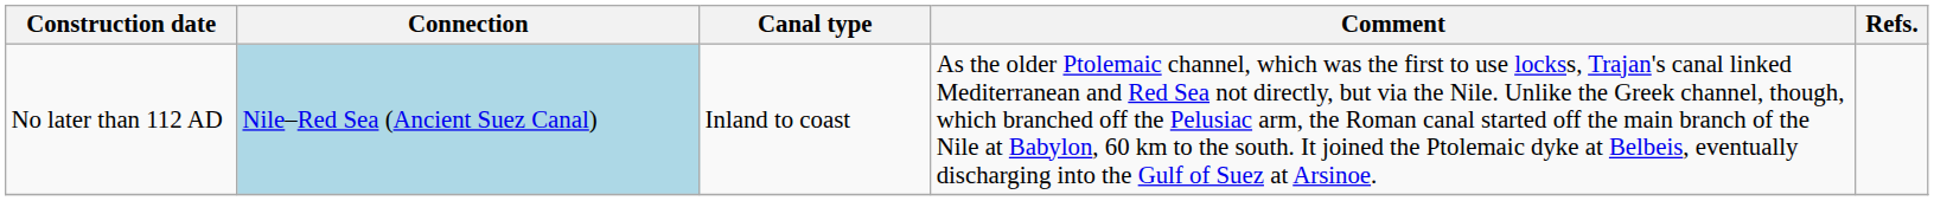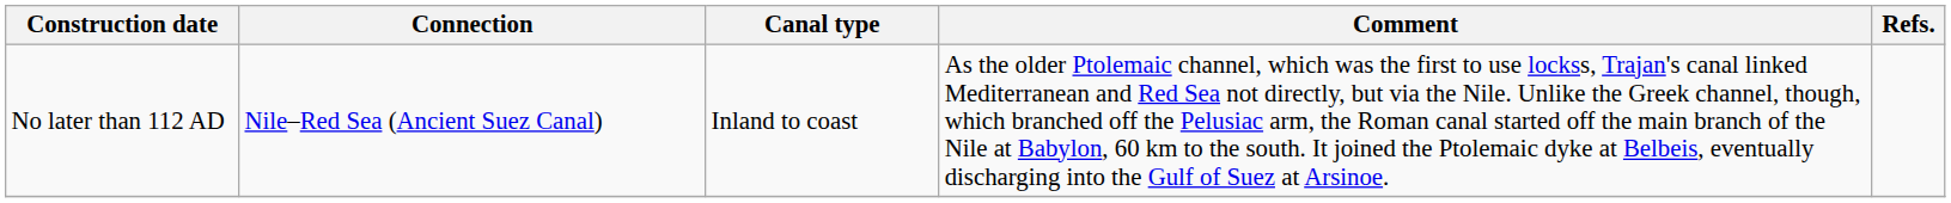 <table class="wikitable">
 <tr>
 <th width="10%">Construction date</th>
 <th width="20%">Connection</th>
 <th width="10%">Canal type</th>
 <th width="40%">Comment</th>
 <th width="2%">Refs.</th>
 </tr>
 <tr>
 <td>No later than 112 AD</td>
-<td style="background: lightblue;"><a href='#'>Nile</a>–<a href='#'>Red Sea</a> (<a href='#'>Ancient Suez Canal</a>)</td>
+<td><a href='#'>Nile</a>–<a href='#'>Red Sea</a> (<a href='#'>Ancient Suez Canal</a>)</td>
 <td>Inland to coast</td>
 <td>As the older <a href='#'>Ptolemaic</a> channel, which was the first to use <a href='#'>locks</a>s, <a href='#'>Trajan</a>'s canal linked Mediterranean and <a href='#'>Red Sea</a> not directly, but via the Nile. Unlike the Greek channel, though, which branched off the <a href='#'>Pelusiac</a> arm, the Roman canal started off the main branch of the Nile at <a href='#'>Babylon</a>, 60 km to the south. It joined the Ptolemaic dyke at <a href='#'>Belbeis</a>, eventually discharging into the <a href='#'>Gulf of Suez</a> at <a href='#'>Arsinoe</a>.</td>
 <td></td>
 </tr>
 <tr>
 </tr>
 </table>
